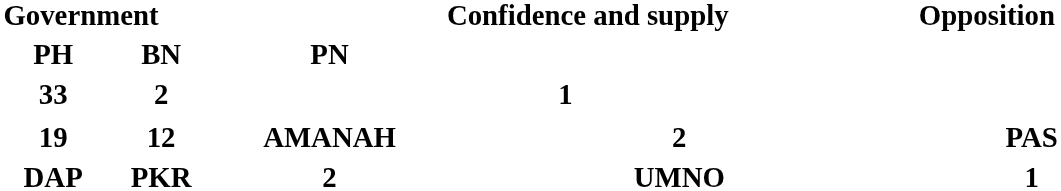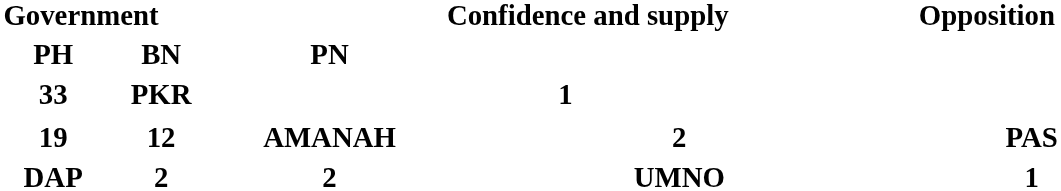 <table style="width:40em;">
 <tr>
 <td colspan="3" style="color:"><strong>Government</strong></td>
 <td colspan="1" style="color:"><strong>Confidence and supply</strong></td>
 <td colspan="2" style="color:"><strong>Opposition</strong></td>
 </tr>
 <tr style="text-align:center;">
 <td style="color:"><strong>PH</strong></td>
 <td colspan="1" style="color:"><strong>BN</strong></td>
 <td colspan="1" style="color:"><strong>PN</strong></td>
 </tr>
 <tr style="text-align:center;">
 <td style="background:"><strong>33</strong></td>
-<td colspan="1" style="background:"><strong>2</strong></td>
+<td style="color:"><strong>PKR</strong></td>
 <td colspan="2" style="background:"><strong>1</strong></td>
 </tr>
 <tr>
 </tr>
 <tr style="text-align:center;">
 <td style="background:"><strong>19</strong></td>
 <td style="background:"><strong>12</strong></td>
 <td style="color:"><strong>AMANAH</strong></td>
 <td style="background:"><strong>2</strong></td>
 <td style="color:"><strong>PAS</strong></td>
 </tr>
 <tr style="text-align:center;">
 <td style="color:"><strong>DAP</strong></td>
-<td style="color:"><strong>PKR</strong></td>
+<td colspan="1" style="background:"><strong>2</strong></td>
 <td style="background:"><strong>2</strong></td>
 <td style="color:"><strong>UMNO</strong></td>
 <td style="background:"><strong>1</strong></td>
 </tr>
 </table>
